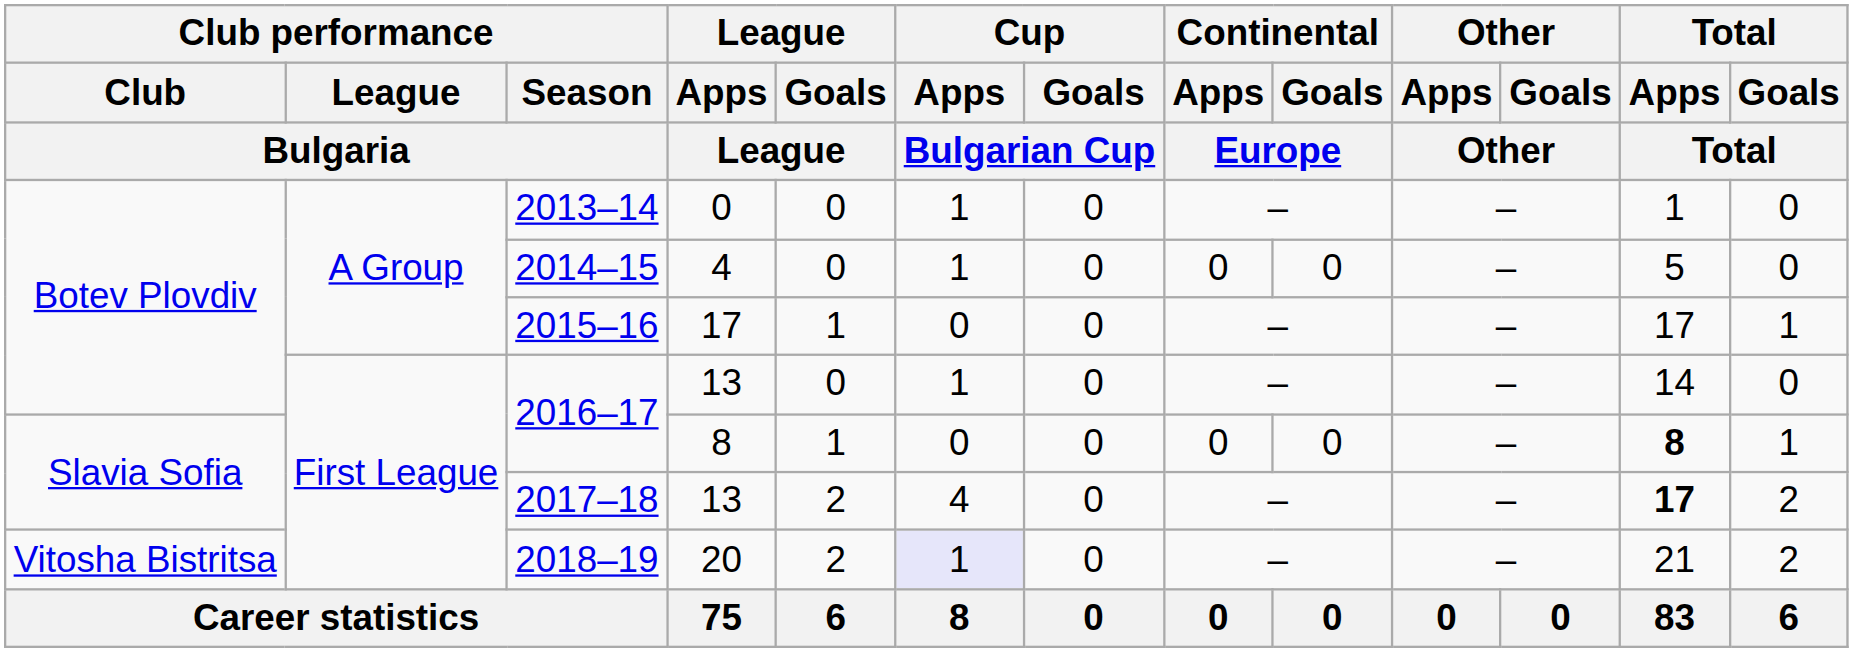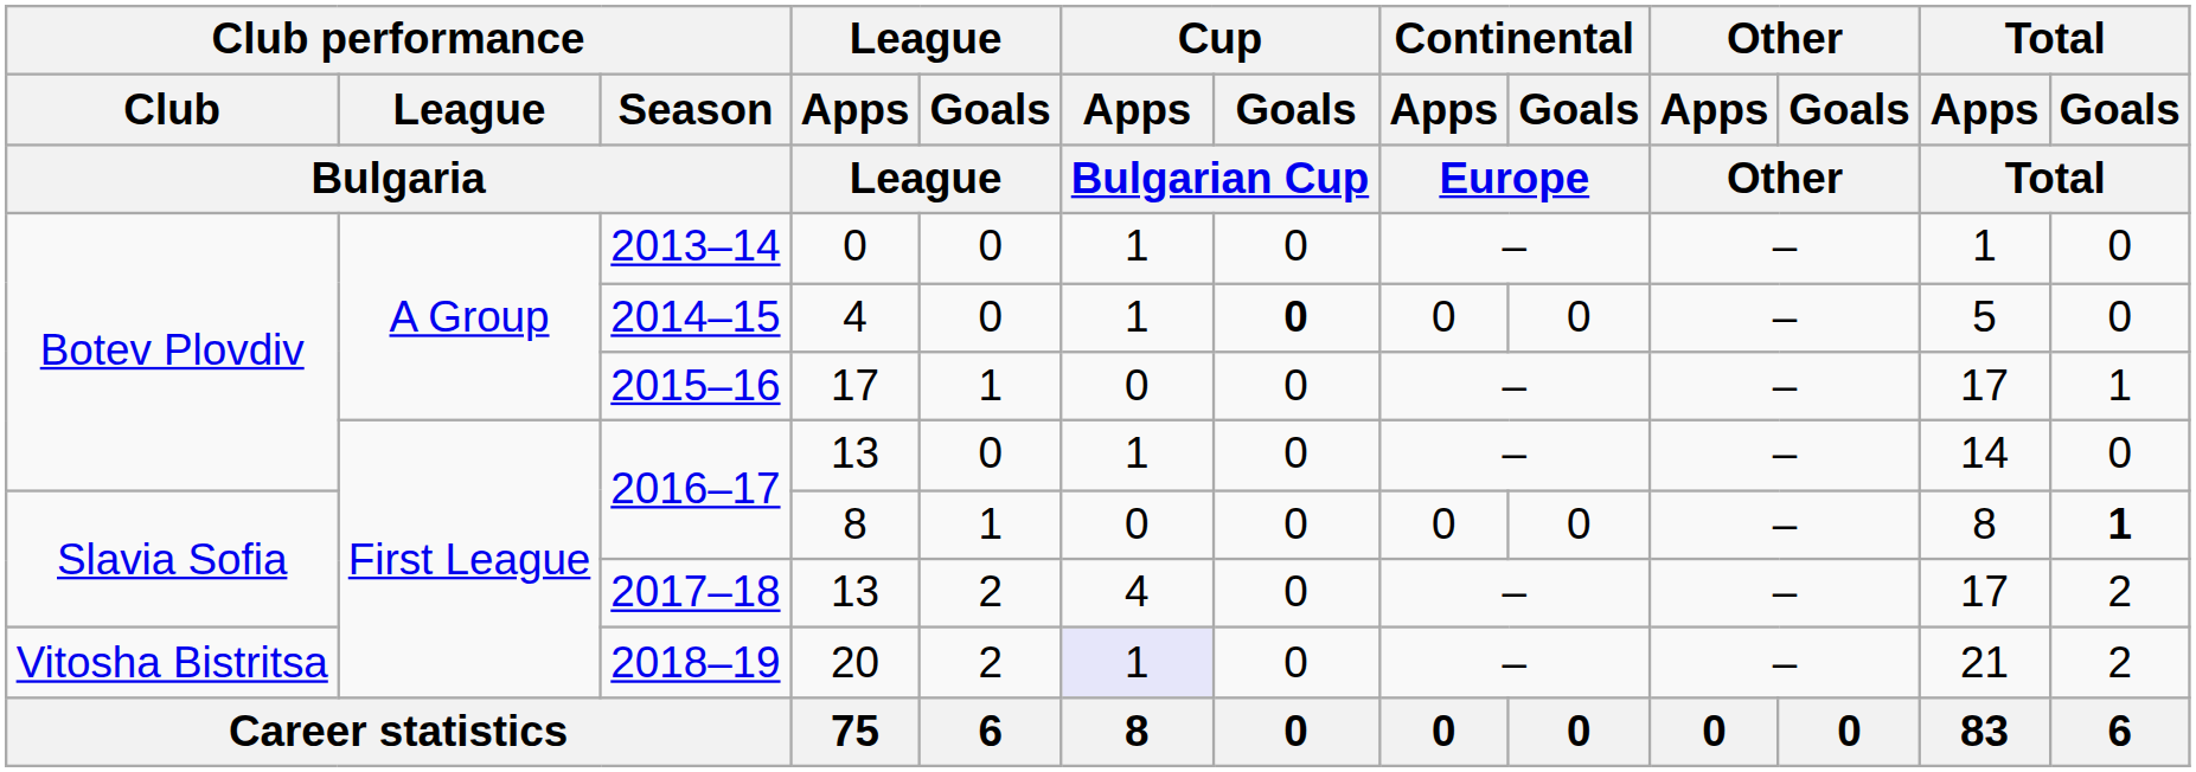 <table class="wikitable" style="text-align: center">
 <tr>
 <th Colspan="3">Club performance</th>
 <th Colspan="2">League</th>
 <th Colspan="2">Cup</th>
 <th Colspan="2">Continental</th>
 <th Colspan="2">Other</th>
 <th Colspan="3">Total</th>
 </tr>
 <tr>
 <th>Club</th>
 <th>League</th>
 <th>Season</th>
 <th>Apps</th>
 <th>Goals</th>
 <th>Apps</th>
 <th>Goals</th>
 <th>Apps</th>
 <th>Goals</th>
 <th>Apps</th>
 <th>Goals</th>
 <th>Apps</th>
 <th>Goals</th>
 </tr>
 <tr>
 <th Colspan="3">Bulgaria</th>
 <th Colspan="2">League</th>
 <th Colspan="2"><a href='#'>Bulgarian Cup</a></th>
 <th Colspan="2"><a href='#'>Europe</a></th>
 <th Colspan="2">Other</th>
 <th Colspan="2">Total</th>
 </tr>
 <tr>
 <td rowspan="4" valign="center"><a href='#'>Botev Plovdiv</a></td>
 <td rowspan="3"><a href='#'>A Group</a></td>
 <td><a href='#'>2013–14</a></td>
 <td>0</td>
 <td>0</td>
 <td>1</td>
 <td>0</td>
 <td colspan="2">–</td>
 <td colspan="2">–</td>
 <td>1</td>
 <td>0</td>
 </tr>
 <tr>
 <td><a href='#'>2014–15</a></td>
 <td>4</td>
 <td>0</td>
 <td>1</td>
-<td>0</td>
+<td><strong>0</strong></td>
 <td>0</td>
 <td>0</td>
 <td colspan="2">–</td>
 <td>5</td>
 <td>0</td>
 </tr>
 <tr>
 <td><a href='#'>2015–16</a></td>
 <td>17</td>
 <td>1</td>
 <td>0</td>
 <td>0</td>
 <td colspan="2">–</td>
 <td colspan="2">–</td>
 <td>17</td>
 <td>1</td>
 </tr>
 <tr>
 <td rowspan="4"><a href='#'>First League</a></td>
 <td rowspan="2"><a href='#'>2016–17</a></td>
 <td>13</td>
 <td>0</td>
 <td>1</td>
 <td>0</td>
 <td colspan="2">–</td>
 <td colspan="2">–</td>
 <td>14</td>
 <td>0</td>
 </tr>
 <tr>
 <td rowspan="2" valign="center"><a href='#'>Slavia Sofia</a></td>
 <td>8</td>
 <td>1</td>
 <td>0</td>
 <td>0</td>
 <td>0</td>
 <td>0</td>
 <td colspan="2">–</td>
-<td><strong>8</strong></td>
-<td>1</td>
+<td>8</td>
+<td><strong>1</strong></td>
 </tr>
 <tr>
 <td><a href='#'>2017–18</a></td>
 <td>13</td>
 <td>2</td>
 <td>4</td>
 <td>0</td>
 <td colspan="2">–</td>
 <td colspan="2">–</td>
-<td><strong>17</strong></td>
+<td>17</td>
 <td>2</td>
 </tr>
 <tr>
 <td valign="center"><a href='#'>Vitosha Bistritsa</a></td>
 <td><a href='#'>2018–19</a></td>
 <td>20</td>
 <td>2</td>
 <td style="background: lavender;">1</td>
 <td>0</td>
 <td colspan="2">–</td>
 <td colspan="2">–</td>
 <td>21</td>
 <td>2</td>
 </tr>
 <tr>
 <th colspan="3">Career statistics</th>
 <th>75</th>
 <th>6</th>
 <th>8</th>
 <th>0</th>
 <th>0</th>
 <th>0</th>
 <th>0</th>
 <th>0</th>
 <th>83</th>
 <th>6</th>
 </tr>
 </table>
